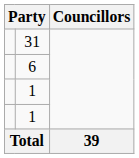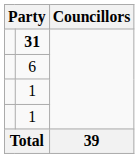 <table class="wikitable">
 <tr>
 <th colspan=2>Party</th>
 <th>Councillors</th>
 </tr>
 <tr>
 <td></td>
-<td align=center>31</td>
+<td align=center><strong>31</strong></td>
 </tr>
 <tr>
 <td></td>
 <td align=center>6</td>
 </tr>
 <tr>
 <td></td>
 <td align=center>1</td>
 </tr>
 <tr>
 <td></td>
 <td align=center>1</td>
 </tr>
 <tr>
 <th colspan=2>Total</th>
 <th>39</th>
 </tr>
 </table>
